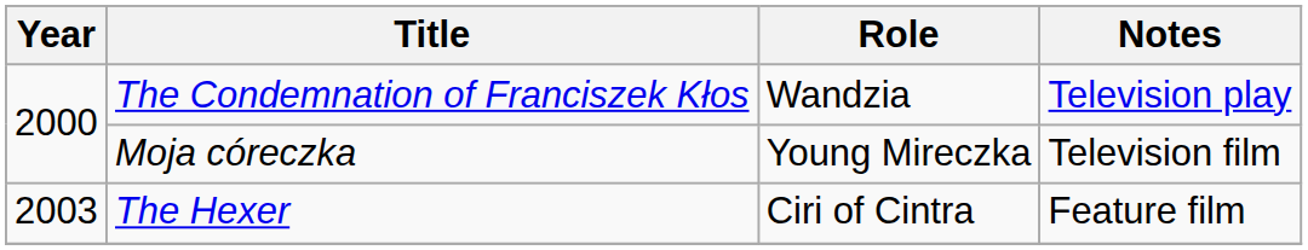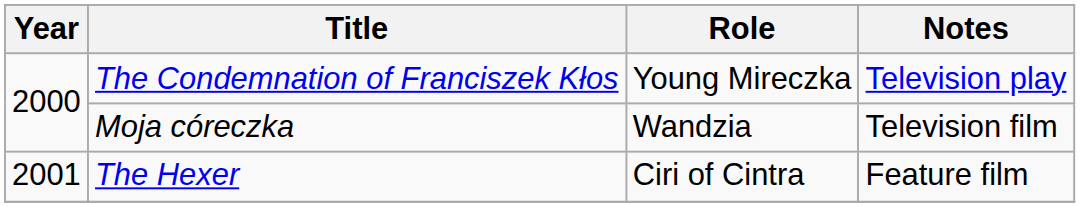 <table class="wikitable plainrowheaders sortable">
 <tr>
 <th scope="col">Year</th>
 <th scope="col">Title</th>
 <th scope="col">Role</th>
 <th scope="col" class="unsortable">Notes</th>
 </tr>
 <tr>
 <td rowspan=2>2000</td>
 <td><em><a href='#'>The Condemnation of Franciszek Kłos</a></em></td>
-<td>Wandzia</td>
+<td>Young Mireczka</td>
 <td><a href='#'>Television play</a></td>
 </tr>
 <tr>
 <td><em>Moja córeczka</em></td>
-<td>Young Mireczka</td>
+<td>Wandzia</td>
 <td>Television film</td>
 </tr>
 <tr>
-<td>2003</td>
+<td>2001</td>
 <td><em><a href='#'>The Hexer</a></em></td>
 <td>Ciri of Cintra</td>
 <td>Feature film</td>
 </tr>
 <tr>
 </tr>
 </table>
